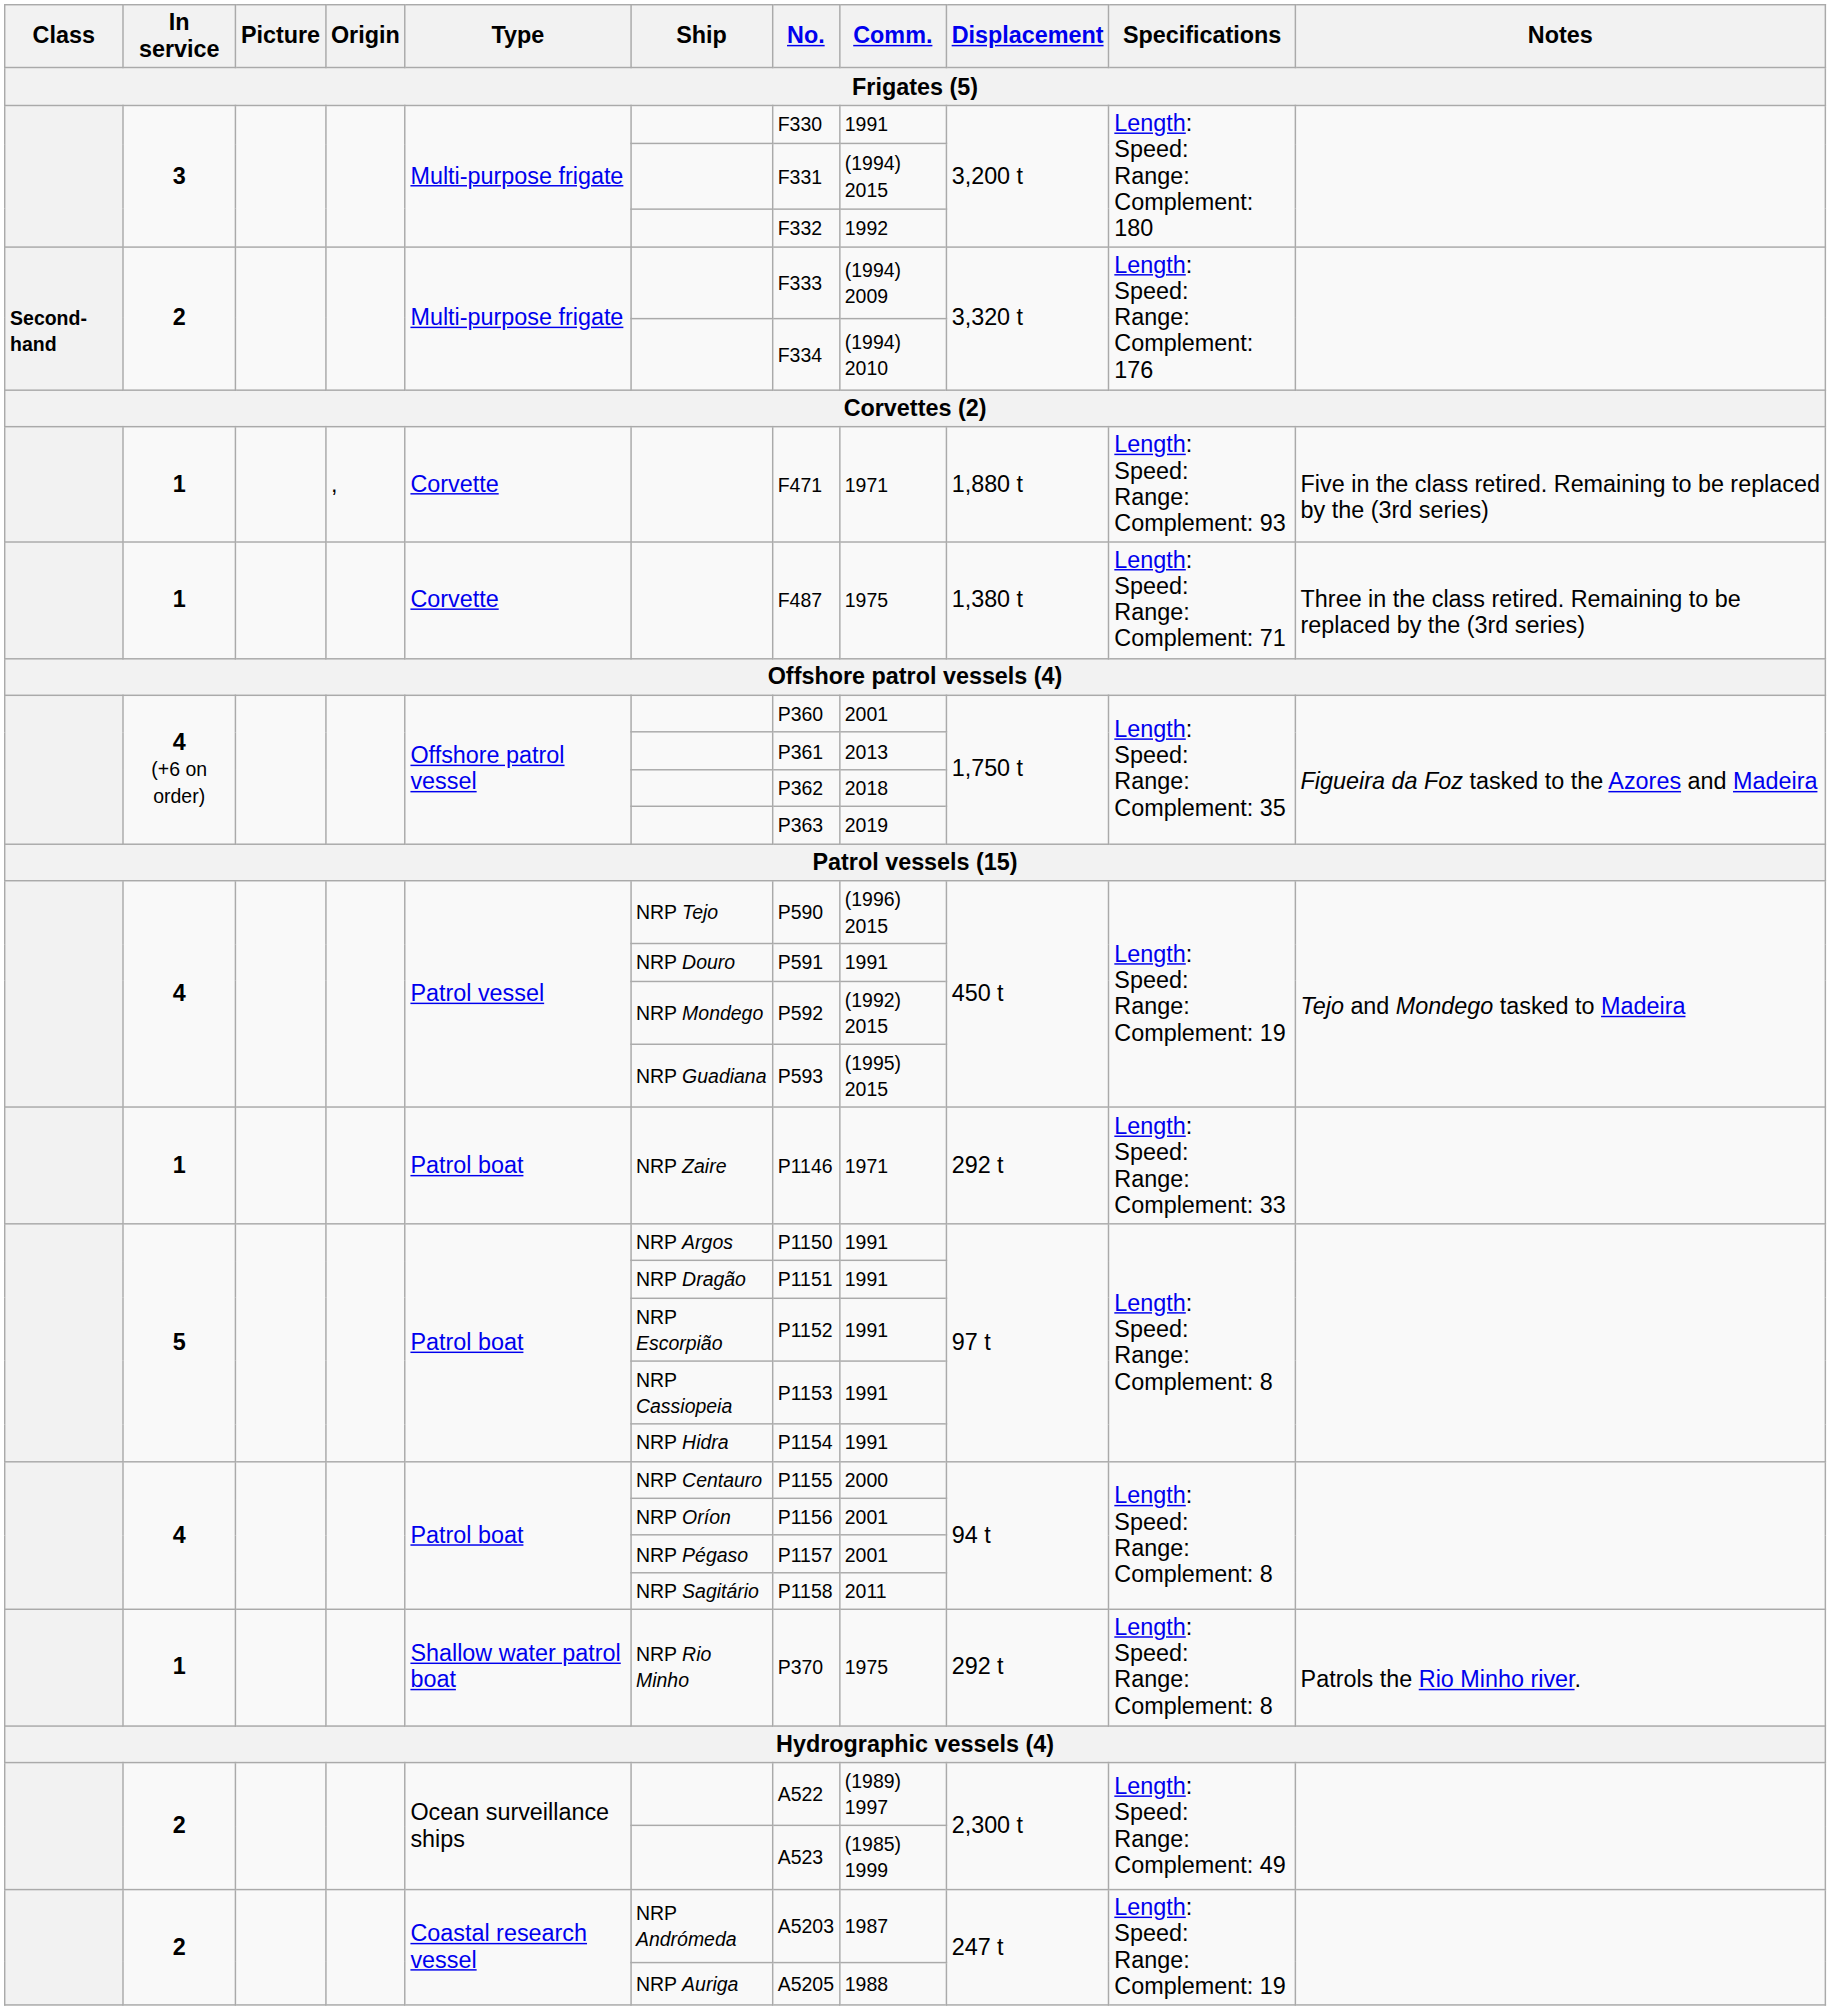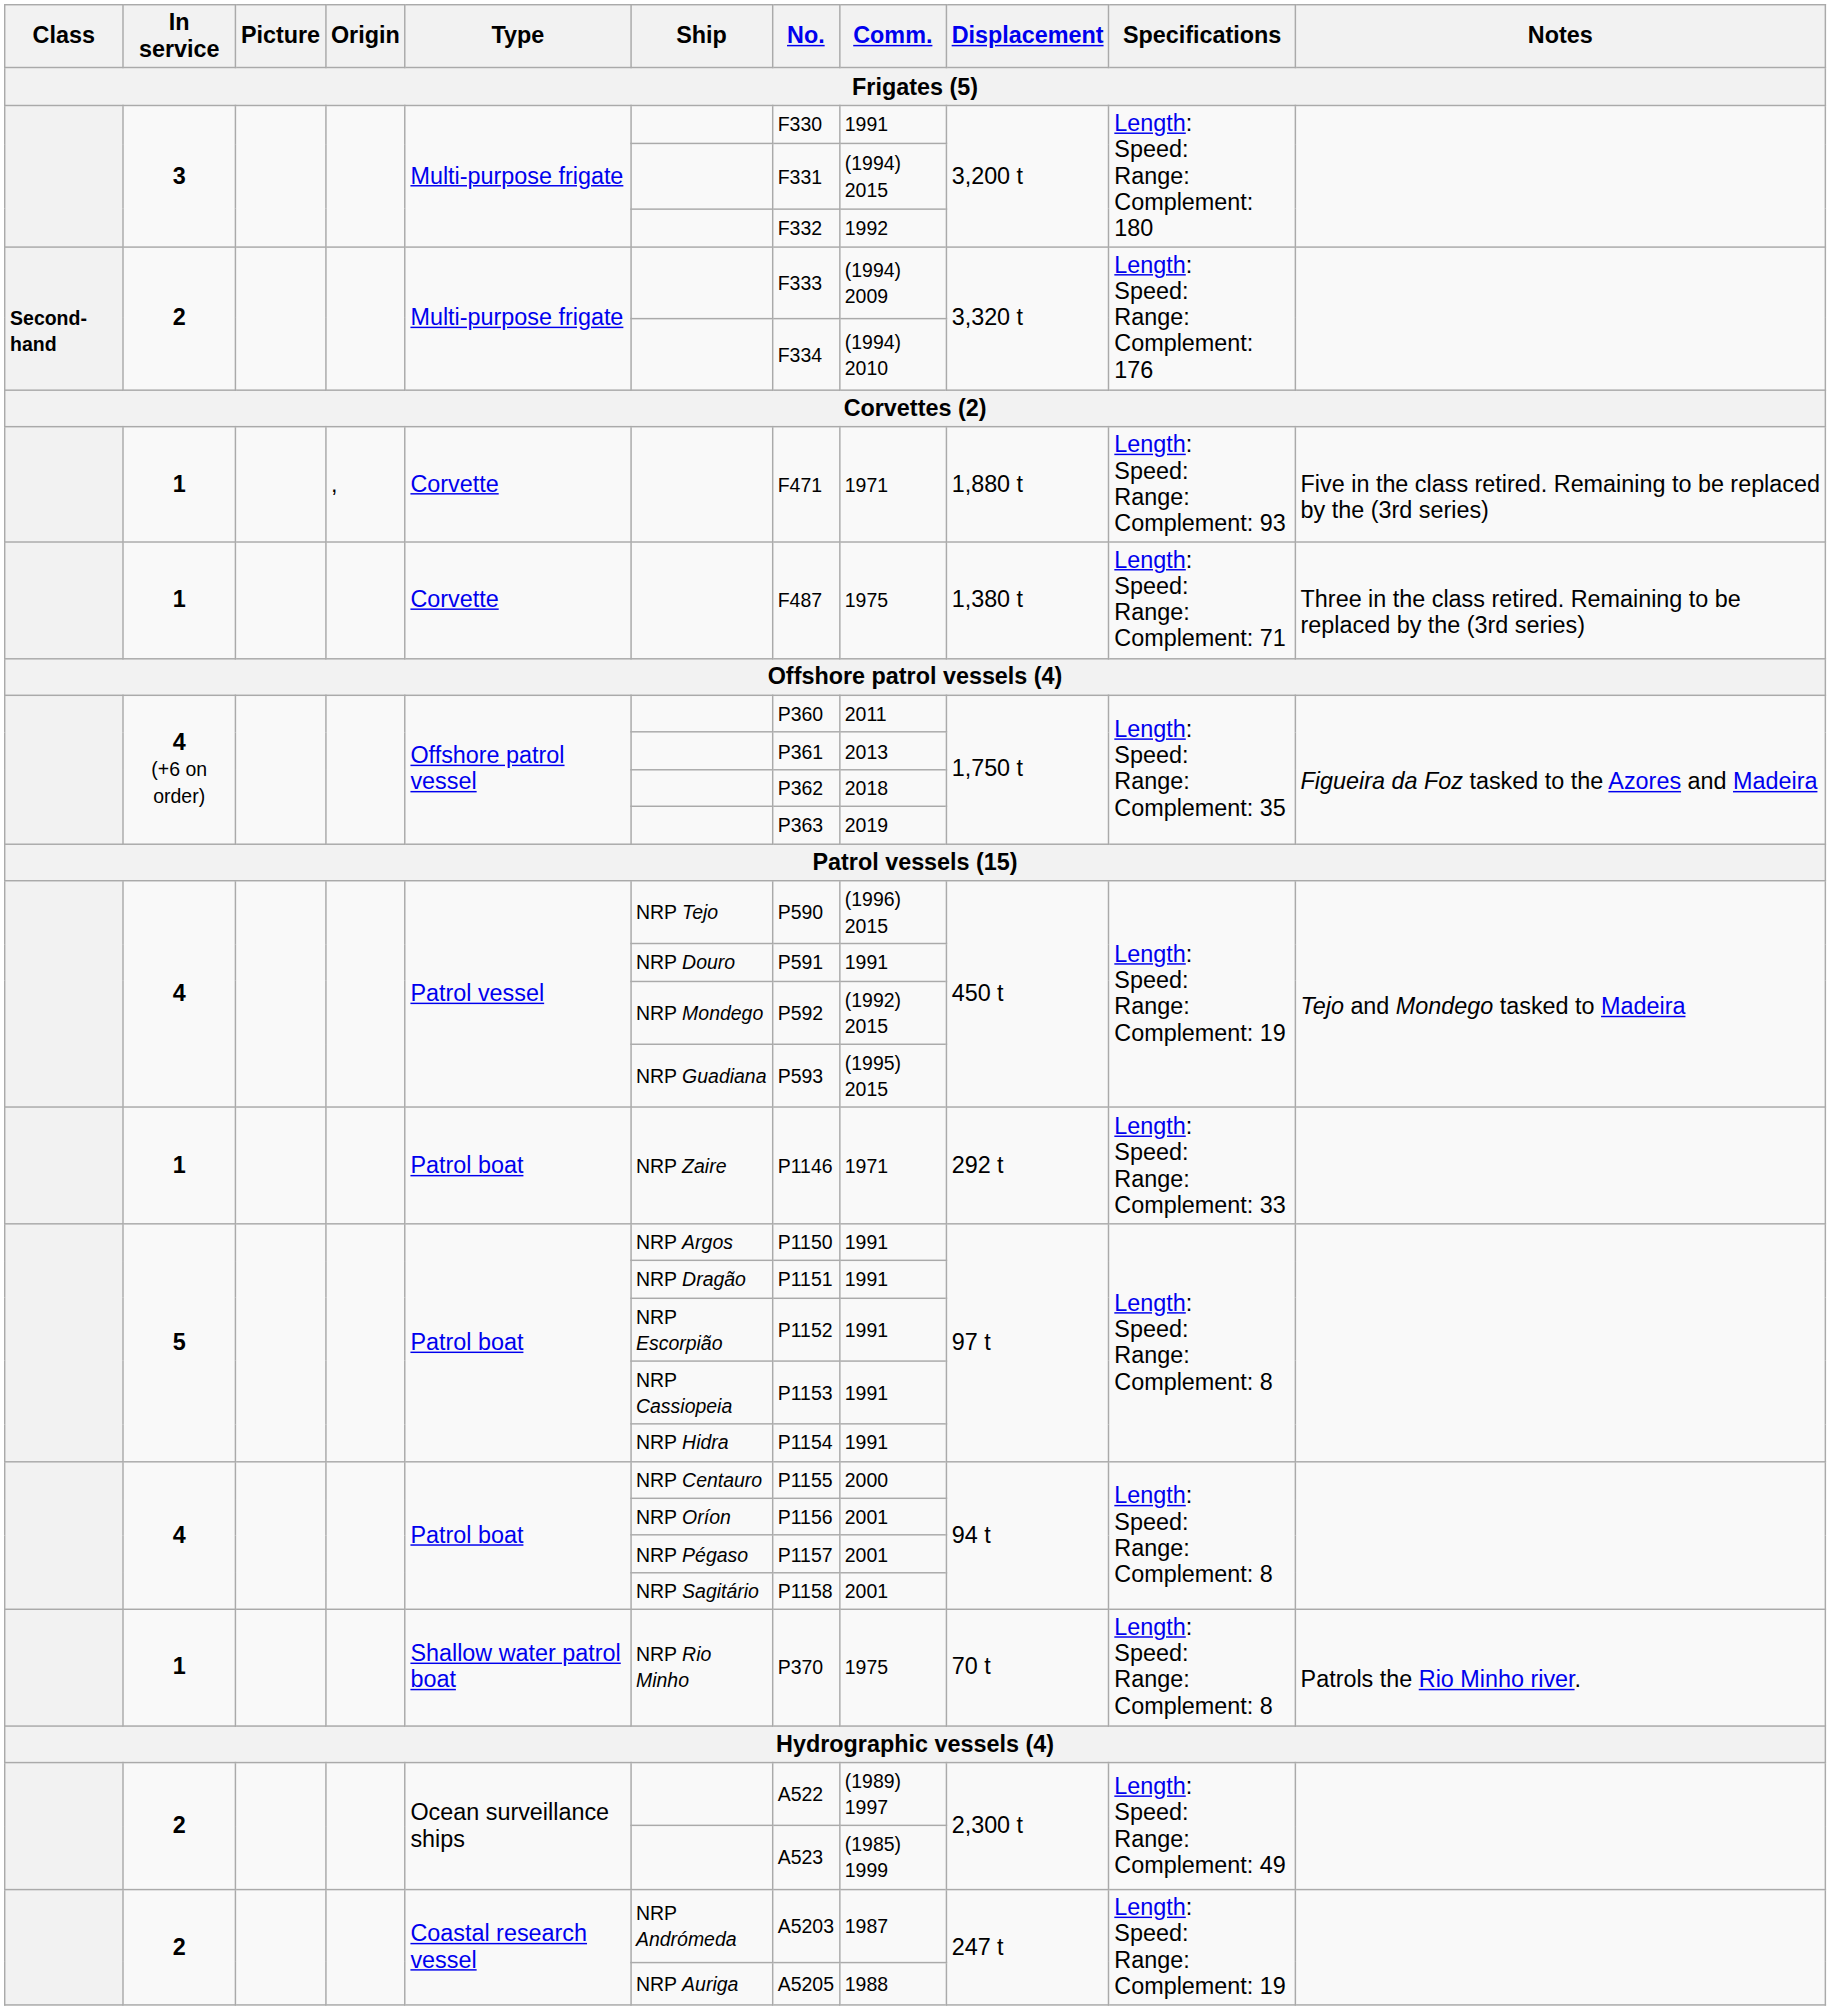 <table class="wikitable">
 <tr>
 <th>Class</th>
 <th>In service</th>
 <th>Picture</th>
 <th>Origin</th>
 <th>Type</th>
 <th>Ship</th>
 <th><a href='#'>No.</a></th>
 <th><a href='#'>Comm.</a></th>
 <th><a href='#'>Displacement</a></th>
 <th>Specifications</th>
 <th>Notes</th>
 </tr>
 <tr>
 <th colspan="11">Frigates (5)</th>
 </tr>
 <tr>
 <th rowspan="3" style="text-align: left;"></th>
 <td rowspan="3" style="text-align: center;"><strong>3</strong></td>
 <td rowspan="3"></td>
 <td rowspan="3"></td>
 <td rowspan="3"><a href='#'>Multi-purpose frigate</a></td>
 <td><small></small></td>
 <td><small>F330</small></td>
 <td><small>1991</small></td>
 <td rowspan="3">3,200 t</td>
 <td rowspan="3"><a href='#'>Length</a>: <br>Speed: <br>Range: <br>Complement: 180</td>
 <td rowspan="3"></td>
 </tr>
 <tr>
 <td><small></small></td>
 <td><small>F331</small></td>
 <td><small>(1994) 2015</small></td>
 </tr>
 <tr>
 <td><small></small></td>
 <td><small>F332</small></td>
 <td><small>1992</small></td>
 </tr>
 <tr>
 <th rowspan="2" style="text-align: left;"><br><small>Second-hand </small></th>
 <td rowspan="2" style="text-align: center;"><strong>2</strong></td>
 <td rowspan="2"></td>
 <td rowspan="2"></td>
 <td rowspan="2"><a href='#'>Multi-purpose frigate</a></td>
 <td><small></small></td>
 <td><small>F333</small></td>
 <td><small>(1994)<br> 2009</small></td>
 <td rowspan="2">3,320 t</td>
 <td rowspan="2"><a href='#'>Length</a>: <br>Speed: <br>Range: <br>Complement: 176</td>
 <td rowspan="2"></td>
 </tr>
 <tr>
 <td><small></small></td>
 <td><small>F334</small></td>
 <td><small>(1994)<br> 2010</small></td>
 </tr>
 <tr>
 <th colspan="11">Corvettes (2)</th>
 </tr>
 <tr>
 <th style="text-align: left;"></th>
 <td style="text-align: center;"><strong>1</strong></td>
 <td></td>
 <td>,<br></td>
 <td><a href='#'>Corvette</a></td>
 <td><small></small></td>
 <td><small>F471</small></td>
 <td><small>1971</small></td>
 <td>1,880 t</td>
 <td><a href='#'>Length</a>: <br>Speed: <br>Range: <br>Complement: 93</td>
 <td><br>Five in the class retired. Remaining to be replaced by the  (3rd series)</td>
 </tr>
 <tr>
 <th style="text-align: left;"></th>
 <td style="text-align: center;"><strong>1</strong></td>
 <td></td>
 <td></td>
 <td><a href='#'>Corvette</a></td>
 <td><small></small></td>
 <td><small>F487</small></td>
 <td><small>1975</small></td>
 <td>1,380 t</td>
 <td><a href='#'>Length</a>: <br>Speed: <br>Range: <br>Complement: 71</td>
 <td><br>Three in the class retired. Remaining to be replaced by the  (3rd series)</td>
 </tr>
 <tr>
 <th colspan="11">Offshore patrol vessels (4)</th>
 </tr>
 <tr>
 <th rowspan="4" style="text-align: left;"></th>
 <td rowspan="4" style="text-align: center;"><strong>4</strong><br><small>(+6 on order)</small></td>
 <td rowspan="4"></td>
 <td rowspan="4"></td>
 <td rowspan="4"><a href='#'>Offshore patrol vessel</a></td>
 <td><small></small></td>
 <td><small>P360</small></td>
-<td><small>2001</small></td>
+<td><small>2011</small></td>
 <td rowspan="4">1,750 t</td>
 <td rowspan="4"><a href='#'>Length</a>: <br>Speed: <br>Range: <br>Complement: 35</td>
 <td rowspan="4"><br><em>Figueira da Foz</em> tasked to the <a href='#'>Azores</a> and <a href='#'>Madeira</a></td>
 </tr>
 <tr>
 <td><small></small></td>
 <td><small>P361</small></td>
 <td><small>2013</small></td>
 </tr>
 <tr>
 <td><small></small></td>
 <td><small>P362</small></td>
 <td><small>2018</small></td>
 </tr>
 <tr>
 <td><small></small></td>
 <td><small>P363</small></td>
 <td><small>2019</small></td>
 </tr>
 <tr>
 <th colspan="11">Patrol vessels (15)</th>
 </tr>
 <tr>
 <th rowspan="4" style="text-align: left;"></th>
 <td rowspan="4" style="text-align: center;"><strong>4</strong></td>
 <td rowspan="4"></td>
 <td rowspan="4"></td>
 <td rowspan="4"><a href='#'>Patrol vessel</a></td>
 <td><small>NRP <em>Tejo</em></small></td>
 <td><small>P590</small></td>
 <td><small>(1996) 2015</small></td>
 <td rowspan="4">450 t</td>
 <td rowspan="4"><a href='#'>Length</a>: <br>Speed: <br>Range: <br>Complement: 19</td>
 <td rowspan="4"><br><em>Tejo</em> and <em>Mondego</em> tasked to <a href='#'>Madeira</a></td>
 </tr>
 <tr>
 <td><small>NRP <em>Douro</em></small></td>
 <td><small>P591</small></td>
 <td><small>1991</small></td>
 </tr>
 <tr>
 <td><small>NRP <em>Mondego</em></small></td>
 <td><small>P592</small></td>
 <td><small>(1992) 2015</small></td>
 </tr>
 <tr>
 <td><small>NRP <em>Guadiana</em></small></td>
 <td><small>P593</small></td>
 <td><small>(1995) 2015</small></td>
 </tr>
 <tr>
 <th style="text-align: left;"></th>
 <td style="text-align: center;"><strong>1</strong></td>
 <td></td>
 <td></td>
 <td><a href='#'>Patrol boat</a></td>
 <td><small>NRP <em>Zaire</em></small></td>
 <td><small>P1146</small></td>
 <td><small>1971</small></td>
 <td>292 t</td>
 <td><a href='#'>Length</a>: <br>Speed: <br>Range: <br>Complement: 33</td>
 <td></td>
 </tr>
 <tr>
 <th rowspan="5" style="text-align: left;"></th>
 <td rowspan="5" style="text-align: center;"><strong>5</strong></td>
 <td rowspan="5"></td>
 <td rowspan="5"></td>
 <td rowspan="5"><a href='#'>Patrol boat</a></td>
 <td><small>NRP <em>Argos</em></small></td>
 <td><small>P1150</small></td>
 <td><small>1991</small></td>
 <td rowspan="5">97 t</td>
 <td rowspan="5"><a href='#'>Length</a>: <br>Speed: <br>Range: <br>Complement: 8</td>
 <td rowspan="5"></td>
 </tr>
 <tr>
 <td><small>NRP <em>Dragão</em></small></td>
 <td><small>P1151</small></td>
 <td><small>1991</small></td>
 </tr>
 <tr>
 <td><small>NRP <em>Escorpião</em></small></td>
 <td><small>P1152</small></td>
 <td><small>1991</small></td>
 </tr>
 <tr>
 <td><small>NRP <em>Cassiopeia</em></small></td>
 <td><small>P1153</small></td>
 <td><small>1991</small></td>
 </tr>
 <tr>
 <td><small>NRP <em>Hidra</em></small></td>
 <td><small>P1154</small></td>
 <td><small>1991</small></td>
 </tr>
 <tr>
 <th rowspan="4" style="text-align: left;"></th>
 <td rowspan="4" style="text-align: center;"><strong>4</strong></td>
 <td rowspan="4"></td>
 <td rowspan="4"></td>
 <td rowspan="4"><a href='#'>Patrol boat</a></td>
 <td><small>NRP <em>Centauro</em></small></td>
 <td><small>P1155</small></td>
 <td><small>2000</small></td>
 <td rowspan="4">94 t</td>
 <td rowspan="4"><a href='#'>Length</a>: <br>Speed: <br>Range: <br>Complement: 8</td>
 <td rowspan="4"></td>
 </tr>
 <tr>
 <td><small>NRP <em>Oríon</em></small></td>
 <td><small>P1156</small></td>
 <td><small>2001</small></td>
 </tr>
 <tr>
 <td><small>NRP <em>Pégaso</em></small></td>
 <td><small>P1157</small></td>
 <td><small>2001</small></td>
 </tr>
 <tr>
 <td><small>NRP <em>Sagitário</em></small></td>
 <td><small>P1158</small></td>
-<td><small>2011</small></td>
+<td><small>2001</small></td>
 </tr>
 <tr>
 <th style="text-align: left;"></th>
 <td style="text-align: center;"><strong>1</strong></td>
 <td></td>
 <td></td>
 <td><a href='#'>Shallow water patrol boat</a></td>
 <td><small>NRP <em>Rio Minho</em></small></td>
 <td><small>P370</small></td>
 <td><small>1975</small></td>
-<td>292 t</td>
+<td>70 t</td>
 <td><a href='#'>Length</a>: <br>Speed: <br>Range: <br>Complement: 8</td>
 <td><br>Patrols the <a href='#'>Rio Minho river</a>.</td>
 </tr>
 <tr>
 <th colspan="11">Hydrographic vessels (4)</th>
 </tr>
 <tr>
 <th rowspan="2" style="text-align: left;"></th>
 <td rowspan="2" style="text-align: center;"><strong>2</strong></td>
 <td rowspan="2"></td>
 <td rowspan="2"></td>
 <td rowspan="2">Ocean surveillance ships</td>
 <td><small></small></td>
 <td><small>A522</small></td>
 <td><small>(1989) 1997</small></td>
 <td rowspan="2">2,300 t</td>
 <td rowspan="2"><a href='#'>Length</a>: <br>Speed: <br>Range: <br>Complement: 49</td>
 <td rowspan="2"></td>
 </tr>
 <tr>
 <td><small></small></td>
 <td><small>A523</small></td>
 <td><small>(1985) 1999</small></td>
 </tr>
 <tr>
 <th rowspan="2" style="text-align: left;"></th>
 <td rowspan="2" style="text-align: center;"><strong>2</strong></td>
 <td rowspan="2"></td>
 <td rowspan="2"></td>
 <td rowspan="2"><a href='#'>Coastal research vessel</a></td>
 <td><small>NRP <em>Andrómeda</em></small></td>
 <td><small>A5203</small></td>
 <td><small>1987</small></td>
 <td rowspan="2">247 t</td>
 <td rowspan="2"><a href='#'>Length</a>: <br>Speed: <br>Range: <br>Complement: 19</td>
 <td rowspan="2"></td>
 </tr>
 <tr>
 <td><small>NRP <em>Auriga</em></small></td>
 <td><small>A5205</small></td>
 <td><small>1988</small></td>
 </tr>
 </table>
